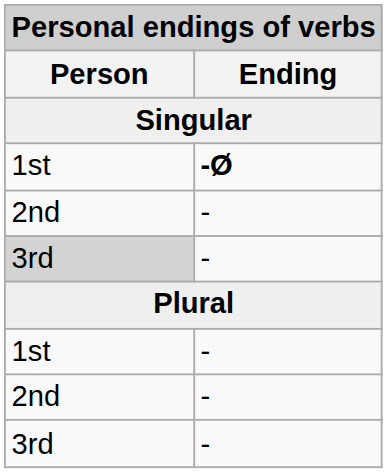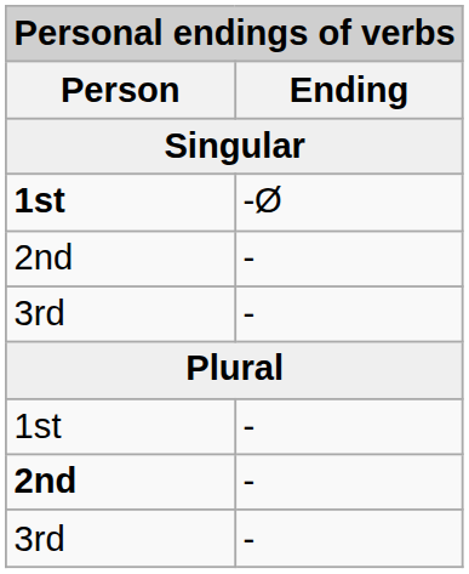 <table class="wikitable">
 <tr>
 <th colspan="2" style="background:#cfcfcf;">Personal endings of verbs</th>
 </tr>
 <tr style="background:#dfdfdf;" |>
 <th>Person</th>
 <th>Ending</th>
 </tr>
 <tr>
 <th colspan="2" style="background:#efefef">Singular</th>
 </tr>
 <tr>
-<td>1st</td>
-<td><strong>-Ø</strong></td>
+<td><strong>1st</strong></td>
+<td>-Ø</td>
 </tr>
 <tr>
 <td>2nd</td>
 <td>-</td>
 </tr>
 <tr>
-<td style="background: lightgrey;">3rd</td>
+<td>3rd</td>
 <td>-</td>
 </tr>
 <tr>
 <th colspan="2" style="background:#efefef">Plural</th>
 </tr>
 <tr>
 <td>1st</td>
 <td>-</td>
 </tr>
 <tr>
-<td>2nd</td>
+<td><strong>2nd</strong></td>
 <td>-</td>
 </tr>
 <tr>
 <td>3rd</td>
 <td>-</td>
 </tr>
 </table>
